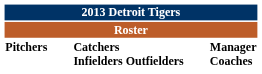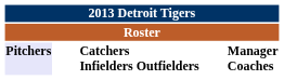 <table class="toccolours" style="font-size: 95%;">
 <tr>
 <th colspan="10" style="background-color: #003366; color: white; text-align: center;">2013 Detroit Tigers</th>
 </tr>
 <tr>
 <td colspan="10" style="background-color: #bd5d29; color: white; text-align: center;"><strong>Roster</strong></td>
 </tr>
 <tr>
-<td valign="top"><strong>Pitchers</strong><br>                    </td>
+<td valign="top" style="background: lavender;"><strong>Pitchers</strong><br>                    </td>
 <td width="25px"></td>
 <td valign="top"><strong>Catchers</strong><br>   <strong>Infielders</strong>            <strong>Outfielders</strong>       </td>
 <td width="25px"></td>
 <td valign="top"><strong>Manager</strong><br> <strong>Coaches</strong>                  </td>
 </tr>
 </table>
